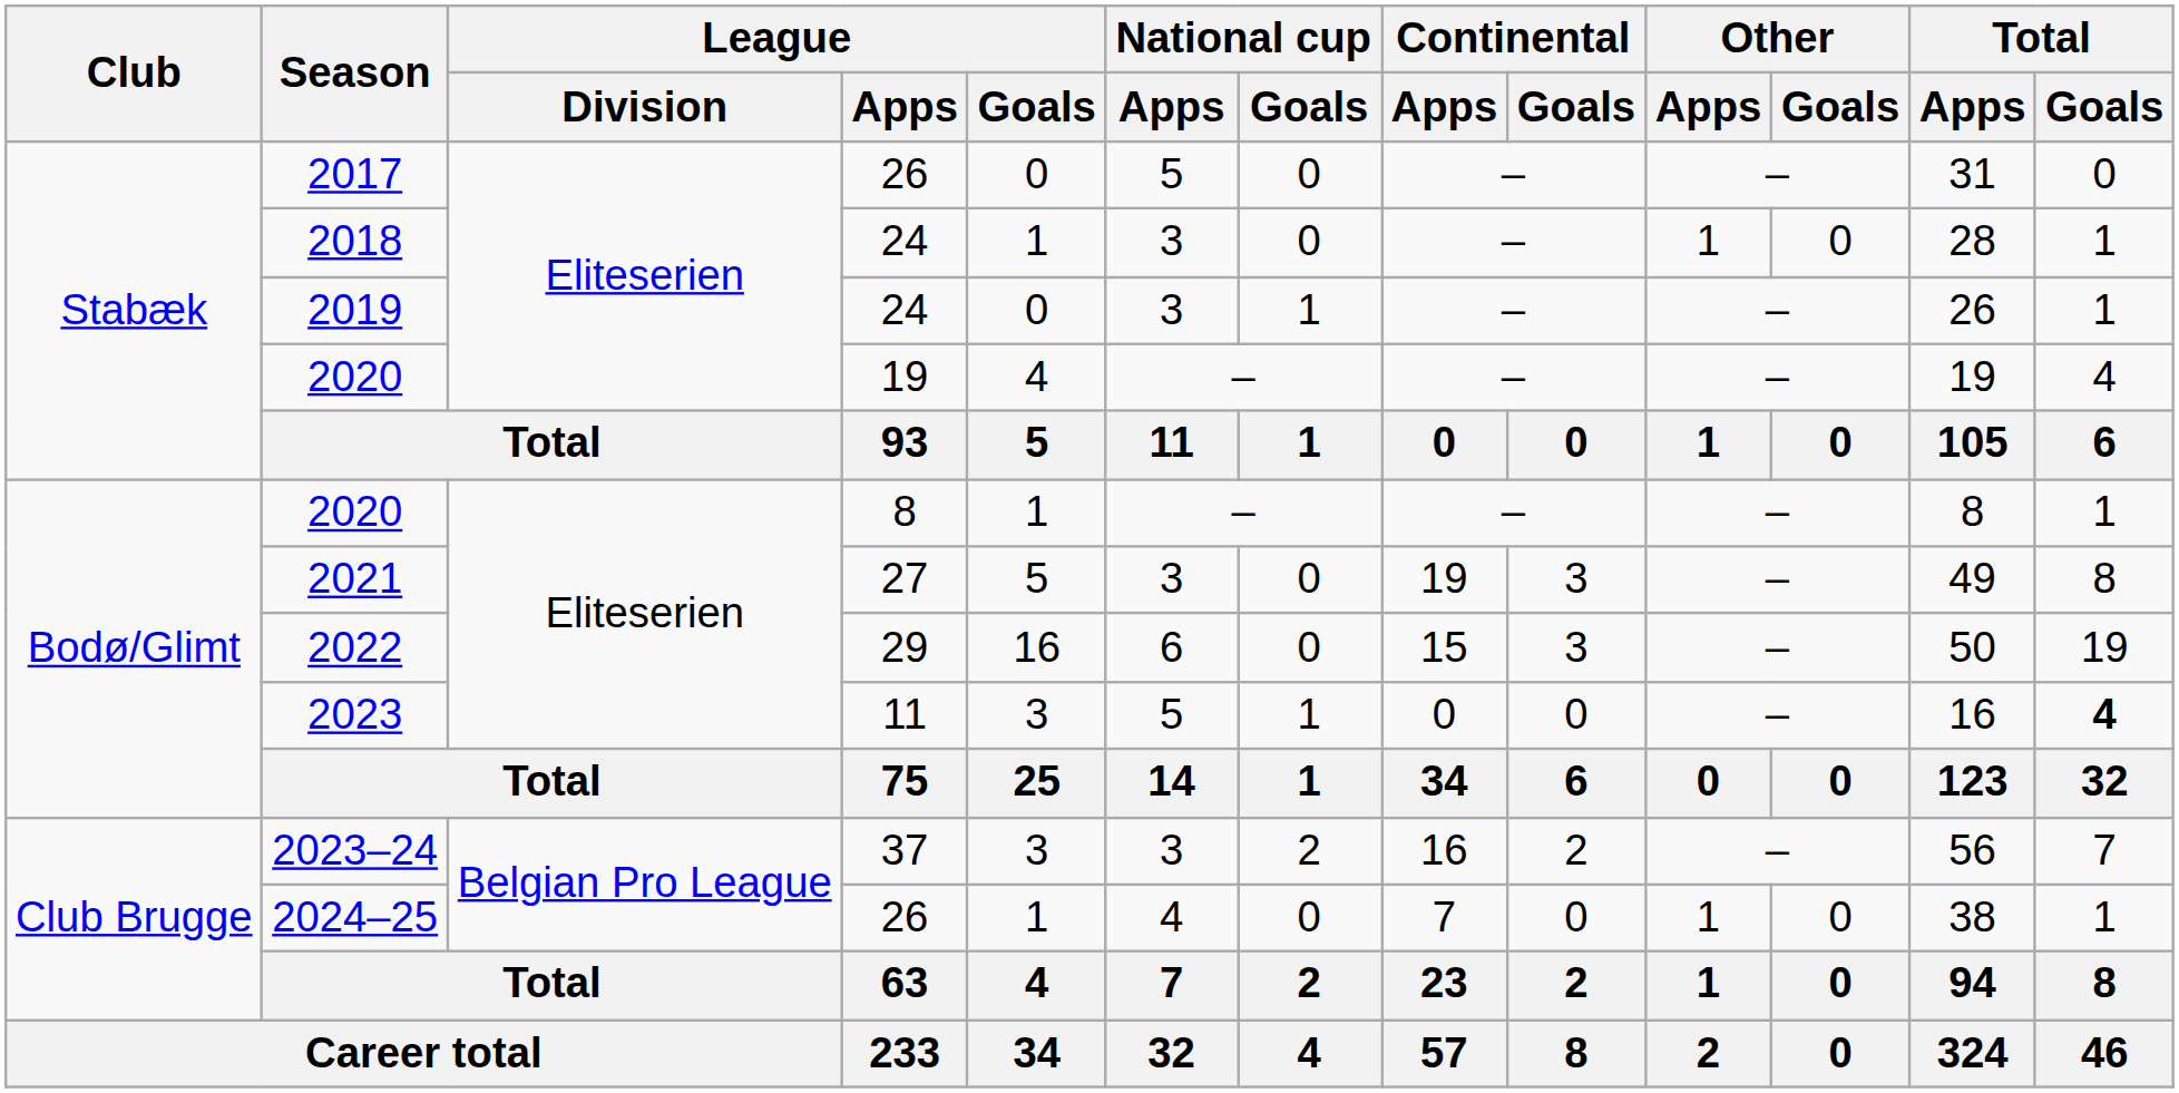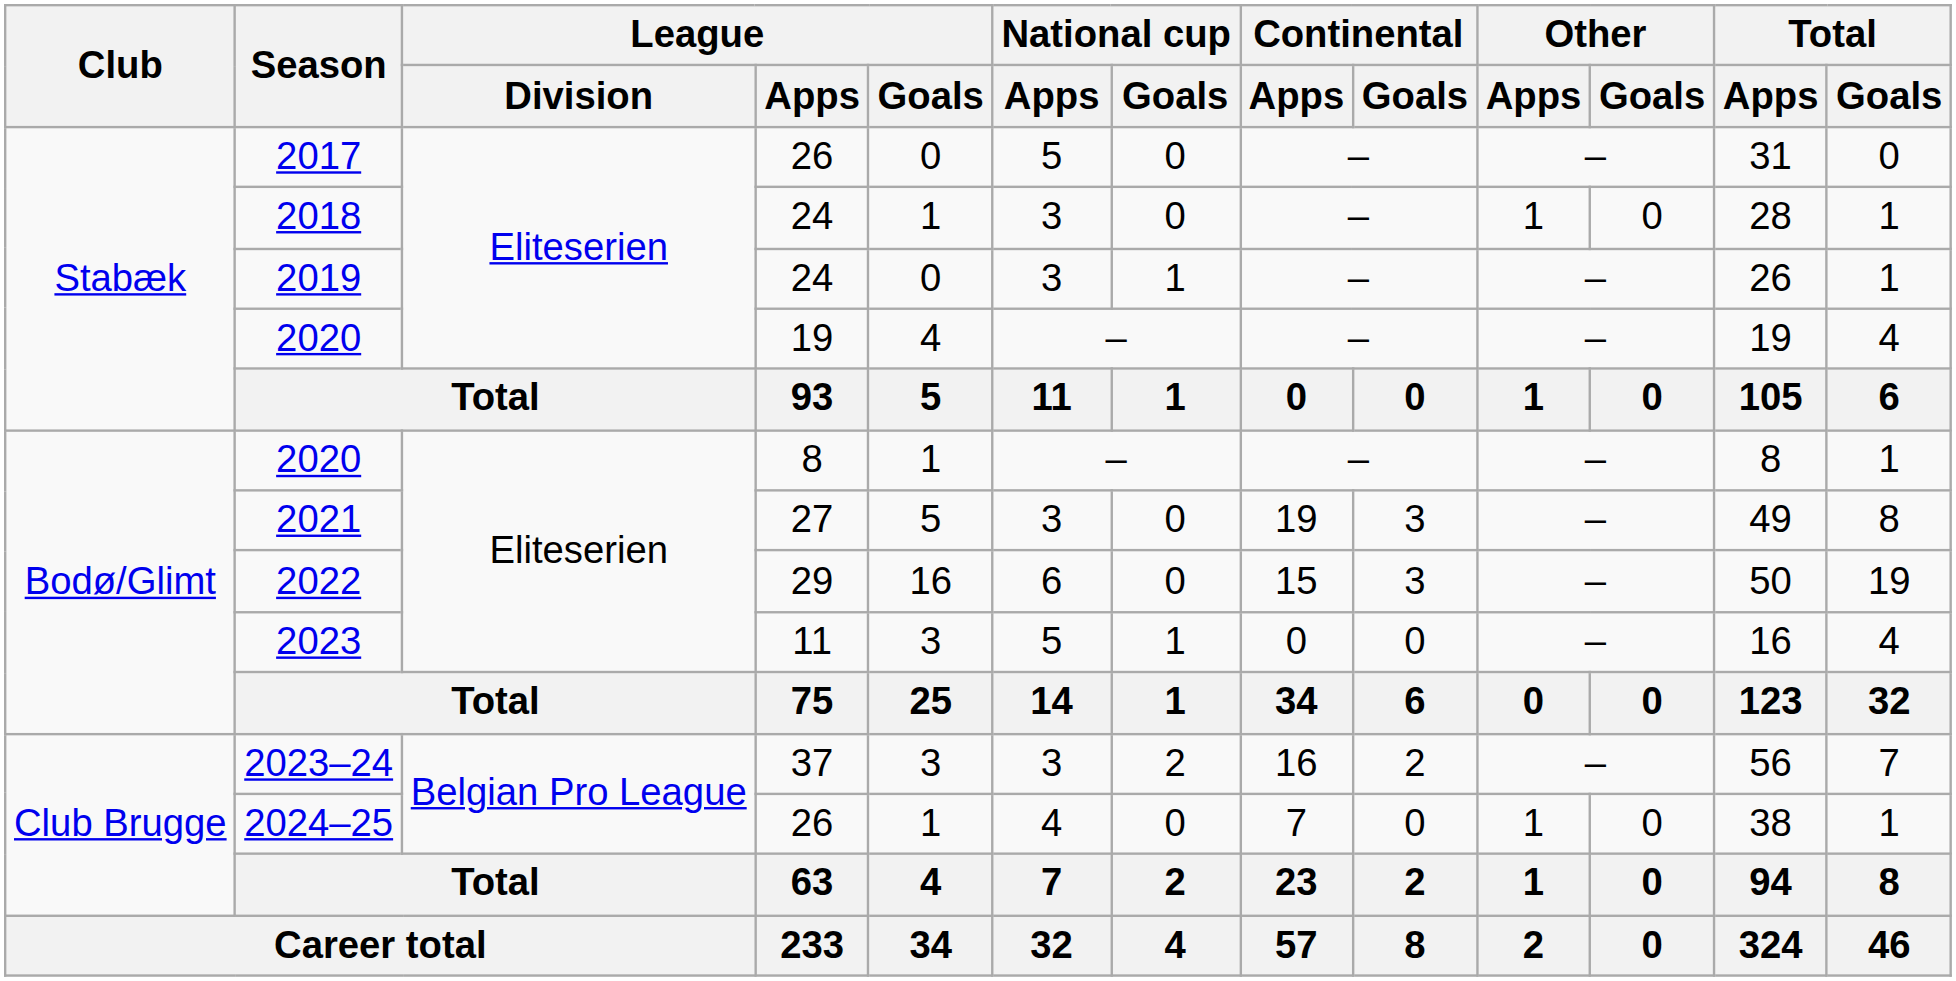 <table class="wikitable" style="text-align:center">
 <tr>
 <th rowspan="2">Club</th>
 <th rowspan="2">Season</th>
 <th colspan="3">League</th>
 <th colspan="2">National cup</th>
 <th colspan="2">Continental</th>
 <th colspan="2">Other</th>
 <th colspan="2">Total</th>
 </tr>
 <tr>
 <th>Division</th>
 <th>Apps</th>
 <th>Goals</th>
 <th>Apps</th>
 <th>Goals</th>
 <th>Apps</th>
 <th>Goals</th>
 <th>Apps</th>
 <th>Goals</th>
 <th>Apps</th>
 <th>Goals</th>
 </tr>
 <tr>
 <td rowspan="5"><a href='#'>Stabæk</a></td>
 <td><a href='#'>2017</a></td>
 <td rowspan="4"><a href='#'>Eliteserien</a></td>
 <td>26</td>
 <td>0</td>
 <td>5</td>
 <td>0</td>
 <td colspan="2">–</td>
 <td colspan="2">–</td>
 <td>31</td>
 <td>0</td>
 </tr>
 <tr>
 <td><a href='#'>2018</a></td>
 <td>24</td>
 <td>1</td>
 <td>3</td>
 <td>0</td>
 <td colspan="2">–</td>
 <td>1</td>
 <td>0</td>
 <td>28</td>
 <td>1</td>
 </tr>
 <tr>
 <td><a href='#'>2019</a></td>
 <td>24</td>
 <td>0</td>
 <td>3</td>
 <td>1</td>
 <td colspan="2">–</td>
 <td colspan="2">–</td>
 <td>26</td>
 <td>1</td>
 </tr>
 <tr>
 <td><a href='#'>2020</a></td>
 <td>19</td>
 <td>4</td>
 <td colspan="2">–</td>
 <td colspan="2">–</td>
 <td colspan="2">–</td>
 <td>19</td>
 <td>4</td>
 </tr>
 <tr>
 <th colspan="2">Total</th>
 <th>93</th>
 <th>5</th>
 <th>11</th>
 <th>1</th>
 <th>0</th>
 <th>0</th>
 <th>1</th>
 <th>0</th>
 <th>105</th>
 <th>6</th>
 </tr>
 <tr>
 <td rowspan="5"><a href='#'>Bodø/Glimt</a></td>
 <td><a href='#'>2020</a></td>
 <td rowspan="4">Eliteserien</td>
 <td>8</td>
 <td>1</td>
 <td colspan="2">–</td>
 <td colspan="2">–</td>
 <td colspan="2">–</td>
 <td>8</td>
 <td>1</td>
 </tr>
 <tr>
 <td><a href='#'>2021</a></td>
 <td>27</td>
 <td>5</td>
 <td>3</td>
 <td>0</td>
 <td>19</td>
 <td>3</td>
 <td colspan="2">–</td>
 <td>49</td>
 <td>8</td>
 </tr>
 <tr>
 <td><a href='#'>2022</a></td>
 <td>29</td>
 <td>16</td>
 <td>6</td>
 <td>0</td>
 <td>15</td>
 <td>3</td>
 <td colspan="2">–</td>
 <td>50</td>
 <td>19</td>
 </tr>
 <tr>
 <td><a href='#'>2023</a></td>
 <td>11</td>
 <td>3</td>
 <td>5</td>
 <td>1</td>
 <td>0</td>
 <td>0</td>
 <td colspan="2">–</td>
 <td>16</td>
-<td><strong>4</strong></td>
+<td>4</td>
 </tr>
 <tr>
 <th colspan="2">Total</th>
 <th>75</th>
 <th>25</th>
 <th>14</th>
 <th>1</th>
 <th>34</th>
 <th>6</th>
 <th>0</th>
 <th>0</th>
 <th>123</th>
 <th>32</th>
 </tr>
 <tr>
 <td rowspan="3"><a href='#'>Club Brugge</a></td>
 <td><a href='#'>2023–24</a></td>
 <td rowspan="2"><a href='#'>Belgian Pro League</a></td>
 <td>37</td>
 <td>3</td>
 <td>3</td>
 <td>2</td>
 <td>16</td>
 <td>2</td>
 <td colspan="2">–</td>
 <td>56</td>
 <td>7</td>
 </tr>
 <tr>
 <td><a href='#'>2024–25</a></td>
 <td>26</td>
 <td>1</td>
 <td>4</td>
 <td>0</td>
 <td>7</td>
 <td>0</td>
 <td>1</td>
 <td>0</td>
 <td>38</td>
 <td>1</td>
 </tr>
 <tr>
 <th colspan="2">Total</th>
 <th>63</th>
 <th>4</th>
 <th>7</th>
 <th>2</th>
 <th>23</th>
 <th>2</th>
 <th>1</th>
 <th>0</th>
 <th>94</th>
 <th>8</th>
 </tr>
 <tr>
 <th colspan="3">Career total</th>
 <th>233</th>
 <th>34</th>
 <th>32</th>
 <th>4</th>
 <th>57</th>
 <th>8</th>
 <th>2</th>
 <th>0</th>
 <th>324</th>
 <th>46</th>
 </tr>
 </table>
